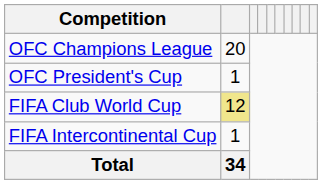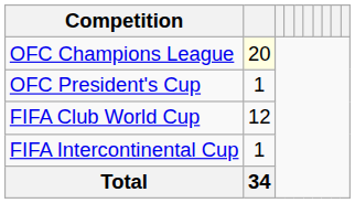 <table class="wikitable sortable sort-under" style="text-align:center">
 <tr>
 <th>Competition</th>
 <th></th>
 <th></th>
 <th></th>
 <th></th>
 <th></th>
 <th></th>
 <th></th>
 <th></th>
 <th></th>
 </tr>
 <tr>
 <td align=left><a href='#'>OFC Champions League</a></td>
-<td>20<br></td>
+<td style="background: lightyellow;">20<br></td>
 </tr>
 <tr>
 <td align=left><a href='#'>OFC President's Cup</a></td>
 <td>1<br></td>
 </tr>
 <tr>
 <td align=left><a href='#'>FIFA Club World Cup</a></td>
-<td style="background: khaki;">12<br></td>
+<td>12<br></td>
 </tr>
 <tr>
 <td align=left><a href='#'>FIFA Intercontinental Cup</a></td>
 <td>1<br></td>
 </tr>
 <tr>
 <th>Total</th>
 <th>34<br></th>
 </tr>
 </table>
